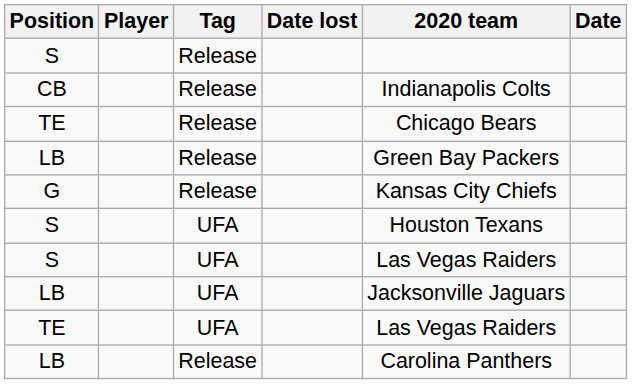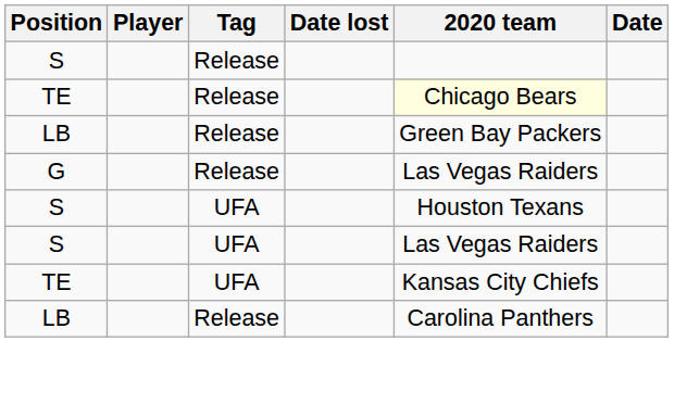 <table class="wikitable sortable" style="text-align:center">
 <tr>
 <th>Position</th>
 <th>Player</th>
 <th>Tag</th>
 <th>Date lost</th>
 <th>2020 team</th>
 <th>Date</th>
 </tr>
 <tr>
 <td>S</td>
 <td></td>
 <td>Release</td>
 <td></td>
 <td></td>
 <td></td>
 </tr>
 <tr>
-<td>CB</td>
-<td></td>
-<td>Release</td>
-<td></td>
-<td>Indianapolis Colts</td>
-<td></td>
-</tr>
-<tr>
 <td>TE</td>
 <td></td>
 <td>Release</td>
 <td></td>
-<td>Chicago Bears</td>
+<td style="background: lightyellow;">Chicago Bears</td>
 <td></td>
 </tr>
 <tr>
 <td>LB</td>
 <td></td>
 <td>Release</td>
 <td></td>
 <td>Green Bay Packers</td>
 <td></td>
 </tr>
 <tr>
 <td>G</td>
 <td></td>
 <td>Release</td>
 <td></td>
-<td>Kansas City Chiefs</td>
+<td>Las Vegas Raiders</td>
 <td></td>
 </tr>
 <tr>
 <td>S</td>
 <td></td>
 <td>UFA</td>
 <td></td>
 <td>Houston Texans</td>
 <td></td>
 </tr>
 <tr>
 <td>S</td>
 <td></td>
 <td>UFA</td>
 <td></td>
 <td>Las Vegas Raiders</td>
 <td></td>
 </tr>
 <tr>
-<td>LB</td>
-<td></td>
-<td>UFA</td>
-<td></td>
-<td>Jacksonville Jaguars</td>
-<td></td>
-</tr>
-<tr>
 <td>TE</td>
 <td></td>
 <td>UFA</td>
 <td></td>
-<td>Las Vegas Raiders</td>
+<td>Kansas City Chiefs</td>
 <td></td>
 </tr>
 <tr>
 <td>LB</td>
 <td></td>
 <td>Release</td>
 <td></td>
 <td>Carolina Panthers</td>
 <td></td>
 </tr>
 </table>
